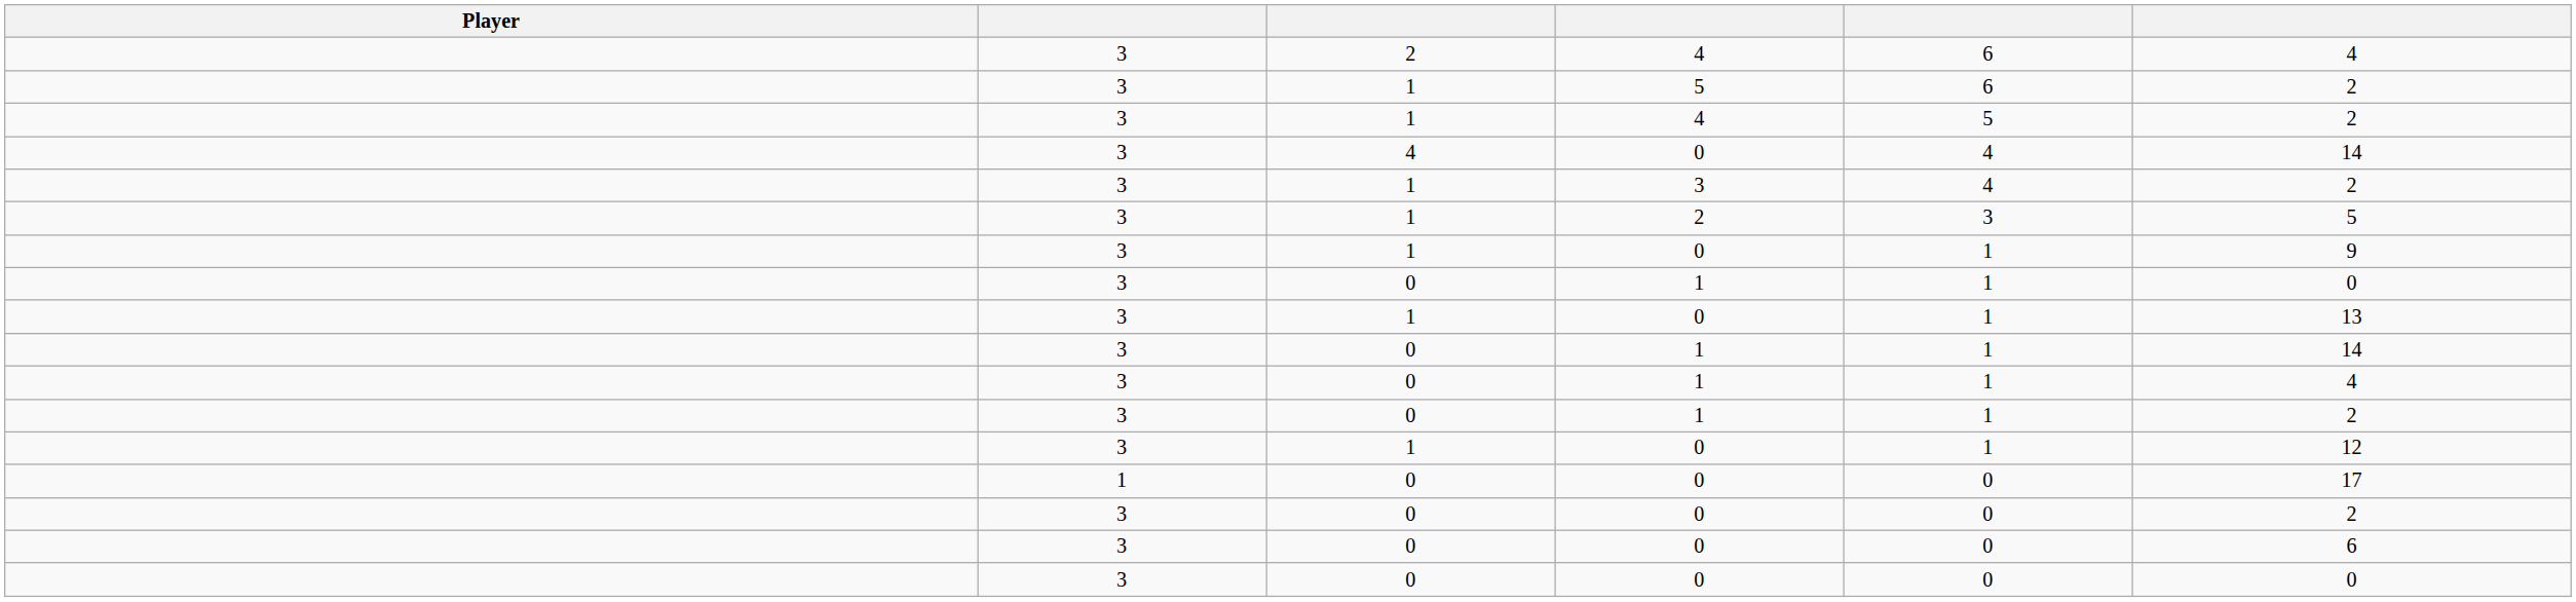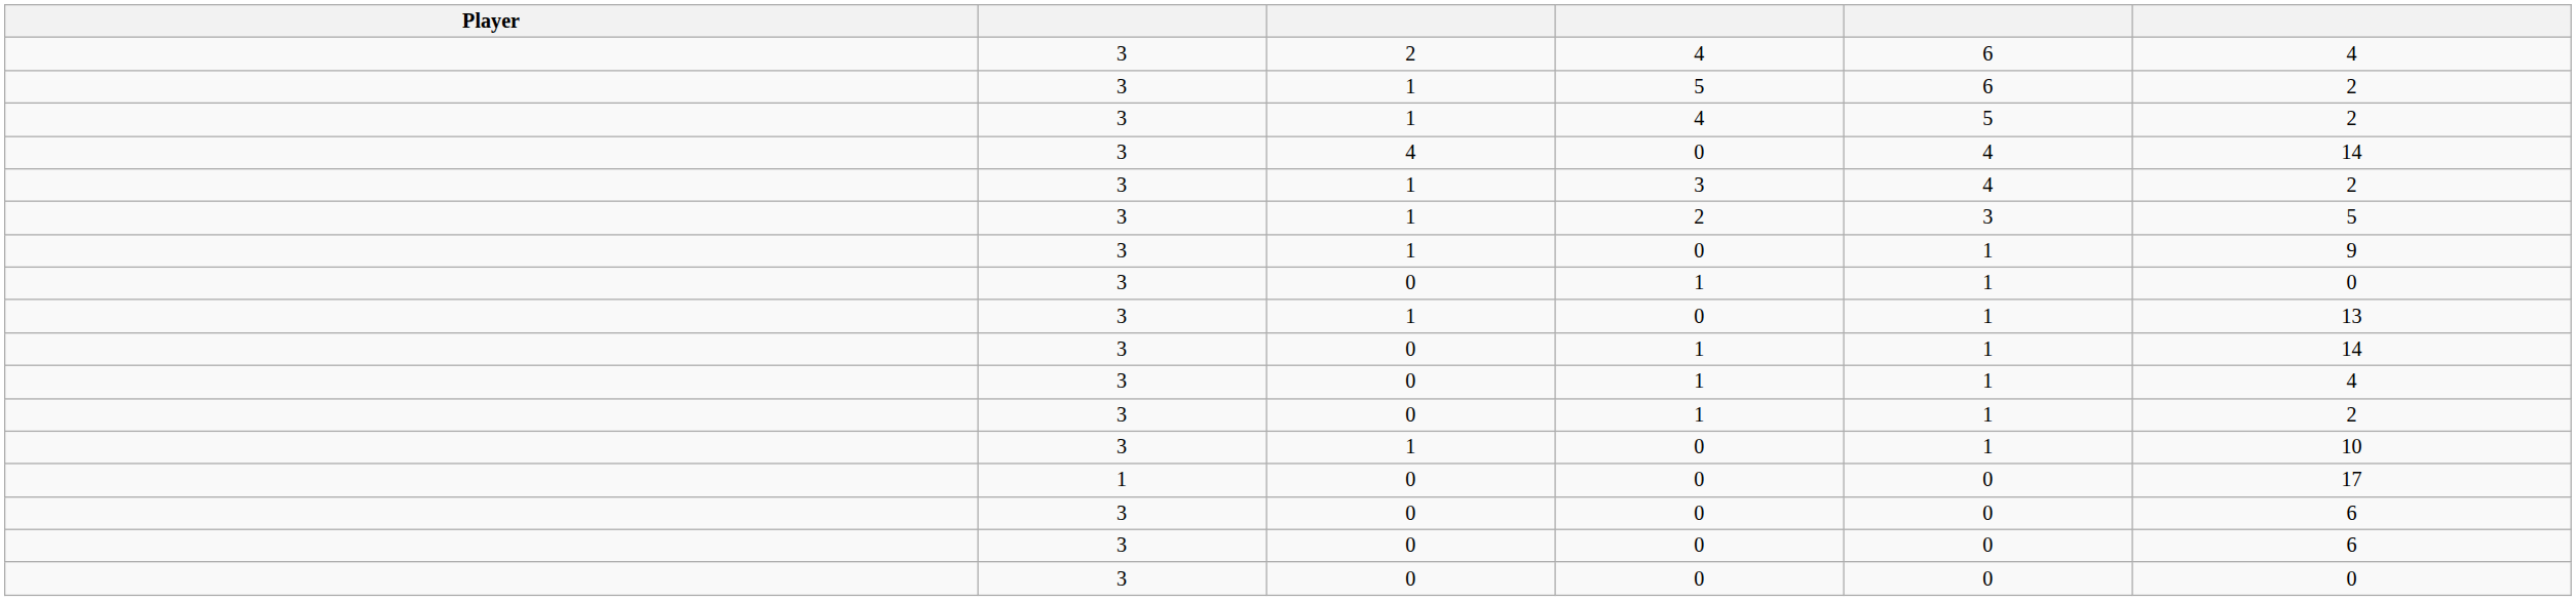 <table class="wikitable sortable" style="width:100%;">
 <tr align=center>
 <th>Player</th>
 <th></th>
 <th></th>
 <th></th>
 <th></th>
 <th></th>
 </tr>
 <tr align=center>
 <td></td>
 <td>3</td>
 <td>2</td>
 <td>4</td>
 <td>6</td>
 <td>4</td>
 </tr>
 <tr align=center>
 <td></td>
 <td>3</td>
 <td>1</td>
 <td>5</td>
 <td>6</td>
 <td>2</td>
 </tr>
 <tr align=center>
 <td></td>
 <td>3</td>
 <td>1</td>
 <td>4</td>
 <td>5</td>
 <td>2</td>
 </tr>
 <tr align=center>
 <td></td>
 <td>3</td>
 <td>4</td>
 <td>0</td>
 <td>4</td>
 <td>14</td>
 </tr>
 <tr align=center>
 <td></td>
 <td>3</td>
 <td>1</td>
 <td>3</td>
 <td>4</td>
 <td>2</td>
 </tr>
 <tr align=center>
 <td></td>
 <td>3</td>
 <td>1</td>
 <td>2</td>
 <td>3</td>
 <td>5</td>
 </tr>
 <tr align=center>
 <td></td>
 <td>3</td>
 <td>1</td>
 <td>0</td>
 <td>1</td>
 <td>9</td>
 </tr>
 <tr align=center>
 <td></td>
 <td>3</td>
 <td>0</td>
 <td>1</td>
 <td>1</td>
 <td>0</td>
 </tr>
 <tr align=center>
 <td></td>
 <td>3</td>
 <td>1</td>
 <td>0</td>
 <td>1</td>
 <td>13</td>
 </tr>
 <tr align=center>
 <td></td>
 <td>3</td>
 <td>0</td>
 <td>1</td>
 <td>1</td>
 <td>14</td>
 </tr>
 <tr align=center>
 <td></td>
 <td>3</td>
 <td>0</td>
 <td>1</td>
 <td>1</td>
 <td>4</td>
 </tr>
 <tr align=center>
 <td></td>
 <td>3</td>
 <td>0</td>
 <td>1</td>
 <td>1</td>
 <td>2</td>
 </tr>
 <tr align=center>
 <td></td>
 <td>3</td>
 <td>1</td>
 <td>0</td>
 <td>1</td>
-<td>12</td>
+<td>10</td>
 </tr>
 <tr align=center>
 <td></td>
 <td>1</td>
 <td>0</td>
 <td>0</td>
 <td>0</td>
 <td>17</td>
 </tr>
 <tr align=center>
 <td></td>
 <td>3</td>
 <td>0</td>
 <td>0</td>
 <td>0</td>
-<td>2</td>
+<td>6</td>
 </tr>
 <tr align=center>
 <td></td>
 <td>3</td>
 <td>0</td>
 <td>0</td>
 <td>0</td>
 <td>6</td>
 </tr>
 <tr align=center>
 <td></td>
 <td>3</td>
 <td>0</td>
 <td>0</td>
 <td>0</td>
 <td>0</td>
 </tr>
 </table>
